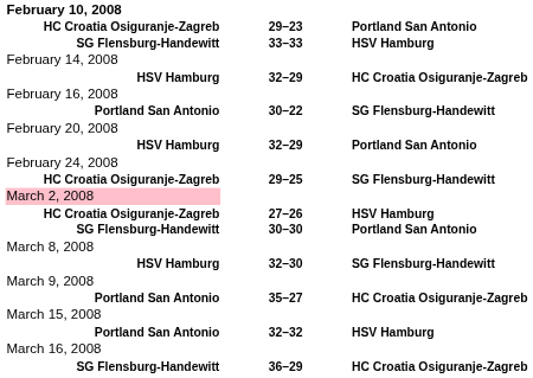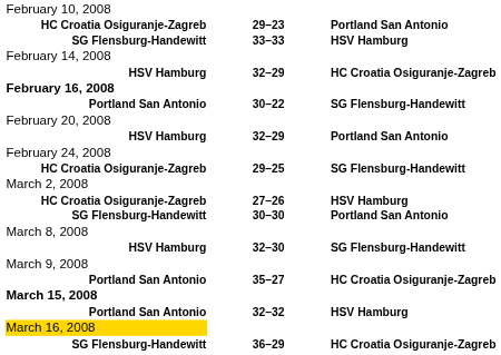 <table width=100% cellspacing=1>
 <tr>
 <th width=20%></th>
 <th width=12%></th>
 <th width=20%></th>
 <th></th>
 </tr>
 <tr>
-<td><strong>February 10, 2008</strong></td>
+<td>February 10, 2008</td>
 </tr>
 <tr style=font-size:90%>
 <td align=right><strong>HC Croatia Osiguranje-Zagreb</strong></td>
 <td align=center><strong>29–23</strong></td>
 <td><strong>Portland San Antonio</strong></td>
 </tr>
 <tr style=font-size:90%>
 <td align=right><strong>SG Flensburg-Handewitt</strong></td>
 <td align=center><strong>33–33</strong></td>
 <td><strong>HSV Hamburg</strong></td>
 </tr>
 <tr>
 <td>February 14, 2008</td>
 </tr>
 <tr style=font-size:90%>
 <td align=right><strong>HSV Hamburg</strong></td>
 <td align=center><strong>32–29</strong></td>
 <td><strong>HC Croatia Osiguranje-Zagreb</strong></td>
 </tr>
 <tr>
-<td>February 16, 2008</td>
+<td><strong>February 16, 2008</strong></td>
 </tr>
 <tr style=font-size:90%>
 <td align=right><strong>Portland San Antonio</strong></td>
 <td align=center><strong>30–22</strong></td>
 <td><strong>SG Flensburg-Handewitt</strong></td>
 </tr>
 <tr>
 <td>February 20, 2008</td>
 </tr>
 <tr style=font-size:90%>
 <td align=right><strong>HSV Hamburg</strong></td>
 <td align=center><strong>32–29</strong></td>
 <td><strong>Portland San Antonio</strong></td>
 </tr>
 <tr>
 <td>February 24, 2008</td>
 </tr>
 <tr style=font-size:90%>
 <td align=right><strong>HC Croatia Osiguranje-Zagreb</strong></td>
 <td align=center><strong>29–25</strong></td>
 <td><strong>SG Flensburg-Handewitt</strong></td>
 </tr>
 <tr>
-<td style="background: pink;">March 2, 2008</td>
+<td>March 2, 2008</td>
 </tr>
 <tr style=font-size:90%>
 <td align=right><strong>HC Croatia Osiguranje-Zagreb</strong></td>
 <td align=center><strong>27–26</strong></td>
 <td><strong>HSV Hamburg</strong></td>
 </tr>
 <tr style=font-size:90%>
 <td align=right><strong>SG Flensburg-Handewitt</strong></td>
 <td align=center><strong>30–30</strong></td>
 <td><strong>Portland San Antonio</strong></td>
 </tr>
 <tr>
 <td>March 8, 2008</td>
 </tr>
 <tr style=font-size:90%>
 <td align=right><strong>HSV Hamburg</strong></td>
 <td align=center><strong>32–30</strong></td>
 <td><strong>SG Flensburg-Handewitt</strong></td>
 </tr>
 <tr>
 <td>March 9, 2008</td>
 </tr>
 <tr style=font-size:90%>
 <td align=right><strong>Portland San Antonio</strong></td>
 <td align=center><strong>35–27</strong></td>
 <td><strong>HC Croatia Osiguranje-Zagreb</strong></td>
 </tr>
 <tr>
-<td>March 15, 2008</td>
+<td><strong>March 15, 2008</strong></td>
 </tr>
 <tr style=font-size:90%>
 <td align=right><strong>Portland San Antonio</strong></td>
 <td align=center><strong>32–32</strong></td>
 <td><strong>HSV Hamburg</strong></td>
 </tr>
 <tr>
-<td>March 16, 2008</td>
+<td style="background: gold;">March 16, 2008</td>
 </tr>
 <tr style=font-size:90%>
 <td align=right><strong>SG Flensburg-Handewitt</strong></td>
 <td align=center><strong>36–29</strong></td>
 <td><strong>HC Croatia Osiguranje-Zagreb</strong></td>
 </tr>
 </table>
